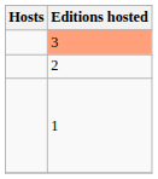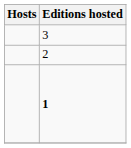 <table class="wikitable" style="font-size:90%;">
 <tr>
 <th>Hosts</th>
 <th>Editions hosted</th>
 </tr>
 <tr>
 <td></td>
-<td style="background: lightsalmon;">3</td>
+<td>3</td>
 </tr>
 <tr>
 <td><br></td>
 <td>2</td>
 </tr>
 <tr>
 <td><br><br><br><br><br></td>
-<td>1</td>
+<td><strong>1</strong></td>
 </tr>
 <tr>
 </tr>
 </table>
